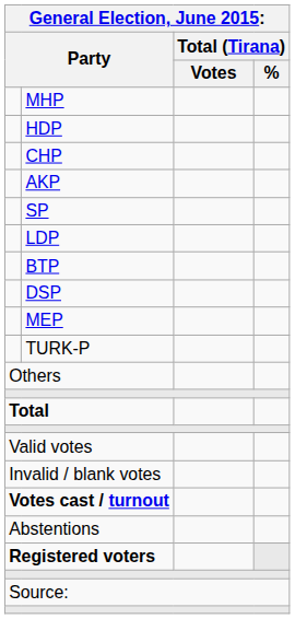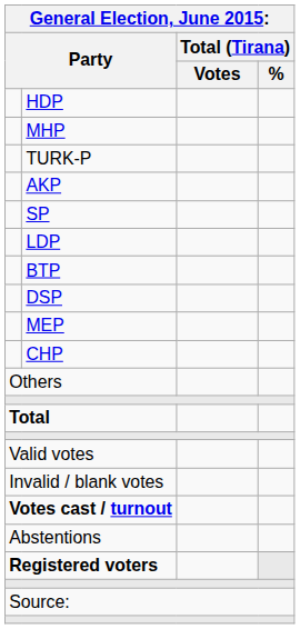 <table class="wikitable" style="text-align:left">
 <tr>
 <th colspan="4"><a href='#'>General Election, June 2015</a>: </th>
 </tr>
 <tr>
 <th rowspan="2" colspan="2">Party</th>
 <th colspan="2">Total (<a href='#'>Tirana</a>)</th>
 </tr>
 <tr>
 <th>Votes</th>
 <th>%</th>
 </tr>
 <tr>
 <td style="background-color:"></td>
+<td><a href='#'>HDP</a></td>
+<td></td>
+<td></td>
+</tr>
+<tr>
+<td style="background-color:"></td>
 <td><a href='#'>MHP</a></td>
 <td></td>
 <td></td>
 </tr>
 <tr>
 <td style="background-color:"></td>
-<td><a href='#'>HDP</a></td>
-<td></td>
-<td></td>
-</tr>
-<tr>
-<td style="background-color:"></td>
-<td><a href='#'>CHP</a></td>
+<td>TURK-P</td>
 <td></td>
 <td></td>
 </tr>
 <tr>
 <td style="background-color:"></td>
 <td><a href='#'>AKP</a></td>
 <td></td>
 <td></td>
 </tr>
 <tr>
 <td style="background-color:"></td>
 <td><a href='#'>SP</a></td>
 <td></td>
 <td></td>
 </tr>
 <tr>
 <td style="background-color:"></td>
 <td><a href='#'>LDP</a></td>
 <td></td>
 <td></td>
 </tr>
 <tr>
 <td style="background-color:"></td>
 <td><a href='#'>BTP</a></td>
 <td></td>
 <td></td>
 </tr>
 <tr>
 <td style="background-color:"></td>
 <td><a href='#'>DSP</a></td>
 <td></td>
 <td></td>
 </tr>
 <tr>
 <td style="background-color:"></td>
 <td><a href='#'>MEP</a></td>
 <td></td>
 <td></td>
 </tr>
 <tr>
 <td style="background-color:"></td>
-<td>TURK-P</td>
+<td><a href='#'>CHP</a></td>
 <td></td>
 <td></td>
 </tr>
 <tr>
 <td colspan="2">Others</td>
 <td></td>
 <td></td>
 </tr>
 <tr>
 <td colspan="4" style="background:#e9e9e9;"></td>
 </tr>
 <tr>
 <td colspan="2"><strong>Total</strong></td>
 <td></td>
 <td></td>
 </tr>
 <tr>
 <td colspan="4" style="background:#e9e9e9;"></td>
 </tr>
 <tr>
 <td colspan="2">Valid votes</td>
 <td></td>
 <td></td>
 </tr>
 <tr>
 <td colspan="2">Invalid / blank votes</td>
 <td></td>
 <td></td>
 </tr>
 <tr>
 <td colspan="2"><strong>Votes cast / <a href='#'>turnout</a></strong></td>
 <td></td>
 <td></td>
 </tr>
 <tr>
 <td colspan="2">Abstentions</td>
 <td></td>
 <td></td>
 </tr>
 <tr>
 <td colspan="2"><strong>Registered voters</strong></td>
 <td></td>
 <td style="background:#e9e9e9;"></td>
 </tr>
 <tr>
 <td colspan="4" style="background:#e9e9e9;"></td>
 </tr>
 <tr>
 <td colspan="4">Source: </td>
 </tr>
 <tr>
 <td colspan="4" style="background:#e9e9e9;"></td>
 </tr>
 </table>
